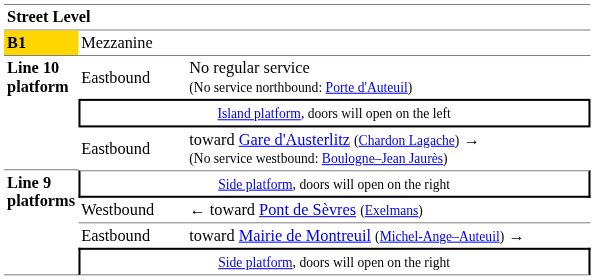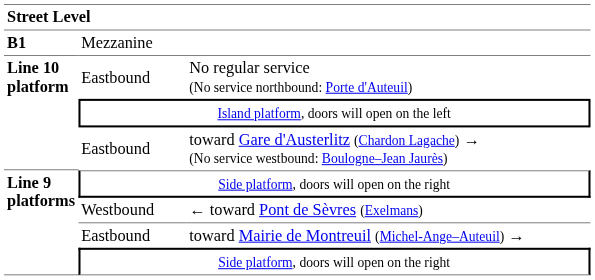 <table cellspacing="0" cellpadding="3" border="0">
 <tr>
 <td colspan="3" data-darkreader-inline-border-top="" data-darkreader-inline-border-bottom="" style="border-bottom:solid 1px gray;border-top:solid 1px gray;" width="50" valign="top"><strong>Street Level</strong></td>
 </tr>
 <tr>
-<td data-darkreader-inline-border-bottom="" style="background: gold; border-bottom:solid 1px gray;" width="50" valign="top"><strong>B1</strong></td>
+<td data-darkreader-inline-border-bottom="" style="border-bottom:solid 1px gray;" width="50" valign="top"><strong>B1</strong></td>
 <td colspan="2" data-darkreader-inline-border-bottom="" style="border-bottom:solid 1px gray;" width="100" valign="top">Mezzanine</td>
 </tr>
 <tr>
 <td rowspan="3" style="border-bottom:solid 1px gray;" width="50" valign="top"><strong>Line 10 platform</strong></td>
 <td>Eastbound</td>
 <td>No regular service<br><small>(No service northbound: <a href='#'>Porte d'Auteuil</a>)</small></td>
 </tr>
 <tr>
 <td colspan="2" style="border-top:solid 2px black;border-right:solid 2px black;border-left:solid 2px black;border-bottom:solid 2px black;text-align:center;"><small><a href='#'>Island platform</a>, doors will open on the left</small></td>
 </tr>
 <tr>
 <td>Eastbound</td>
 <td>   toward <a href='#'>Gare d'Austerlitz</a> <small>(<a href='#'>Chardon Lagache</a>)</small> →<br><small>(No service westbound: <a href='#'>Boulogne–Jean Jaurès</a>)</small></td>
 </tr>
 <tr>
 <td rowspan="4" style="border-bottom:solid 1px gray;" width="50" valign="top"><strong>Line 9 platforms</strong></td>
 <td colspan="2" style="border-top:solid 1px gray;border-right:solid 2px black;border-left:solid 2px black;border-bottom:solid 2px black;text-align:center;"><small><a href='#'>Side platform</a>, doors will open on the right</small></td>
 </tr>
 <tr>
 <td style="border-bottom:solid 1px gray;" width="100">Westbound</td>
 <td style="border-bottom:solid 1px gray;" width="390">←   toward <a href='#'>Pont de Sèvres</a> <small>(<a href='#'>Exelmans</a>)</small></td>
 </tr>
 <tr>
 <td>Eastbound</td>
 <td>   toward <a href='#'>Mairie de Montreuil</a> <small>(<a href='#'>Michel-Ange–Auteuil</a>)</small> →</td>
 </tr>
 <tr>
 <td colspan="2" style="border-top:solid 2px black;border-right:solid 2px black;border-left:solid 2px black;border-bottom:solid 1px gray;text-align:center;"><small><a href='#'>Side platform</a>, doors will open on the right</small></td>
 </tr>
 </table>
